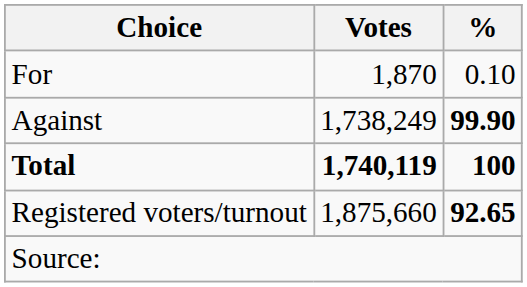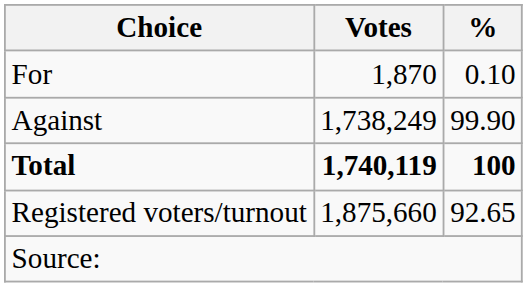 <table class=wikitable style=text-align:right>
 <tr>
 <th>Choice</th>
 <th>Votes</th>
 <th>%</th>
 </tr>
 <tr>
 <td align=left>For</td>
 <td>1,870</td>
 <td>0.10</td>
 </tr>
 <tr>
 <td align=left>Against</td>
 <td>1,738,249</td>
-<td><strong>99.90</strong></td>
+<td>99.90</td>
 </tr>
 <tr>
 <td align=left><strong>Total</strong></td>
 <td><strong>1,740,119</strong></td>
 <td><strong>100</strong></td>
 </tr>
 <tr>
 <td align=left>Registered voters/turnout</td>
 <td>1,875,660</td>
-<td><strong>92.65</strong></td>
+<td>92.65</td>
 </tr>
 <tr>
 <td align=left colspan=3>Source: </td>
 </tr>
 </table>
